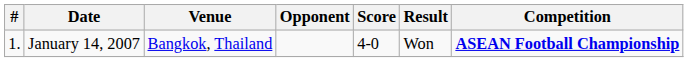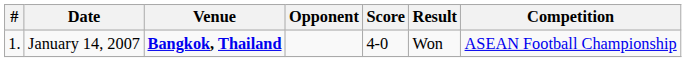 <table class="wikitable">
 <tr>
 <th>#</th>
 <th>Date</th>
 <th>Venue</th>
 <th>Opponent</th>
 <th>Score</th>
 <th>Result</th>
 <th>Competition</th>
 </tr>
 <tr>
 <td>1.</td>
 <td>January 14, 2007</td>
-<td><a href='#'>Bangkok</a>, <a href='#'>Thailand</a></td>
+<td><strong><a href='#'>Bangkok</a>, <a href='#'>Thailand</a></strong></td>
 <td></td>
 <td>4-0</td>
 <td>Won</td>
-<td><strong><a href='#'>ASEAN Football Championship</a></strong></td>
+<td><a href='#'>ASEAN Football Championship</a></td>
 </tr>
 <tr>
 </tr>
 </table>
